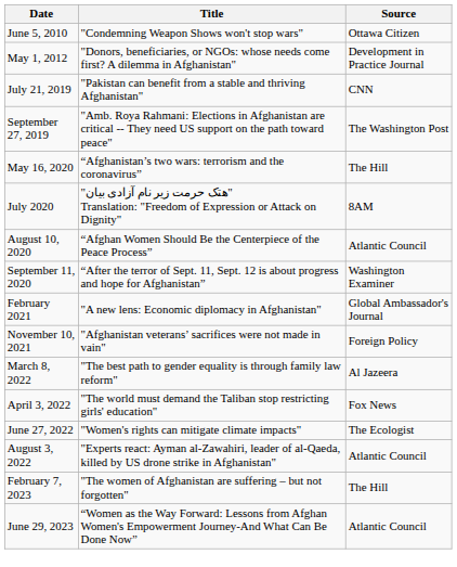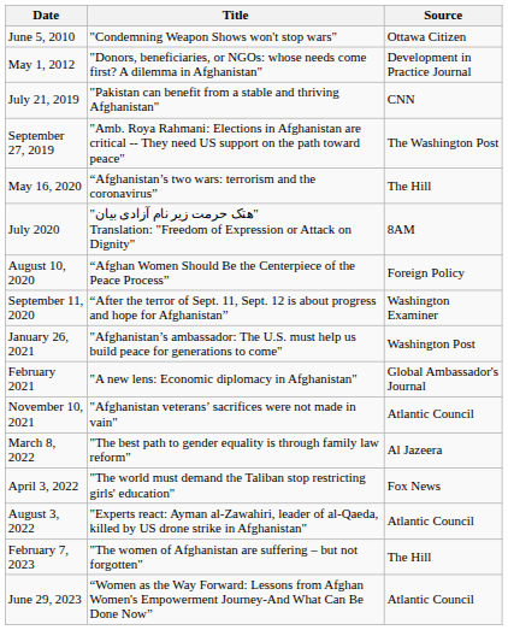 <table class="wikitable">
 <tr>
 <th>Date</th>
 <th>Title</th>
 <th>Source</th>
 </tr>
 <tr>
 <td>June 5, 2010</td>
 <td>"Condemning Weapon Shows won't stop wars"</td>
 <td>Ottawa Citizen</td>
 </tr>
 <tr>
 <td>May 1, 2012</td>
 <td>"Donors, beneficiaries, or NGOs: whose needs come first? A dilemma in Afghanistan"</td>
 <td>Development in Practice Journal</td>
 </tr>
 <tr>
 <td>July 21, 2019</td>
 <td>"Pakistan can benefit from a stable and thriving Afghanistan"</td>
 <td>CNN</td>
 </tr>
 <tr>
 <td>September 27, 2019</td>
 <td>"Amb. Roya Rahmani: Elections in Afghanistan are critical -- They need US support on the path toward peace"</td>
 <td>The Washington Post</td>
 </tr>
 <tr>
 <td>May 16, 2020</td>
 <td>“Afghanistan’s two wars: terrorism and the coronavirus”</td>
 <td>The Hill</td>
 </tr>
 <tr>
 <td>July 2020</td>
 <td>"هتک‌ حرمت زیر نام آزادی بیان"<br>Translation: "Freedom of Expression or Attack on Dignity"</td>
 <td>8AM</td>
 </tr>
 <tr>
 <td>August 10, 2020</td>
 <td>“Afghan Women Should Be the Centerpiece of the Peace Process”</td>
-<td>Atlantic Council</td>
+<td>Foreign Policy</td>
 </tr>
 <tr>
 <td>September 11, 2020</td>
 <td>“After the terror of Sept. 11, Sept. 12 is about progress and hope for Afghanistan”</td>
 <td>Washington Examiner</td>
+</tr>
+<tr>
+<td>January 26, 2021</td>
+<td>"Afghanistan’s ambassador: The U.S. must help us build peace for generations to come"</td>
+<td>Washington Post</td>
 </tr>
 <tr>
 <td>February 2021</td>
 <td>"A new lens: Economic diplomacy in Afghanistan"</td>
 <td>Global Ambassador's Journal</td>
 </tr>
 <tr>
 <td>November 10, 2021</td>
 <td>"Afghanistan veterans’ sacrifices were not made in vain"</td>
-<td>Foreign Policy</td>
+<td>Atlantic Council</td>
 </tr>
 <tr>
 <td>March 8, 2022</td>
 <td>"The best path to gender equality is through family law reform"</td>
 <td>Al Jazeera</td>
 </tr>
 <tr>
 <td>April 3, 2022</td>
 <td>"The world must demand the Taliban stop restricting girls' education"</td>
 <td>Fox News</td>
-</tr>
-<tr>
-<td>June 27, 2022</td>
-<td>"Women's rights can mitigate climate impacts"</td>
-<td>The Ecologist</td>
 </tr>
 <tr>
 <td>August 3, 2022</td>
 <td>"Experts react: Ayman al-Zawahiri, leader of al-Qaeda, killed by US drone strike in Afghanistan"</td>
 <td>Atlantic Council</td>
 </tr>
 <tr>
 <td>February 7, 2023</td>
 <td>"The women of Afghanistan are suffering – but not forgotten"</td>
 <td>The Hill</td>
 </tr>
 <tr>
 <td>June 29, 2023</td>
 <td>“Women as the Way Forward: Lessons from Afghan Women's Empowerment Journey-And What Can Be Done Now”</td>
 <td>Atlantic Council</td>
 </tr>
 </table>
